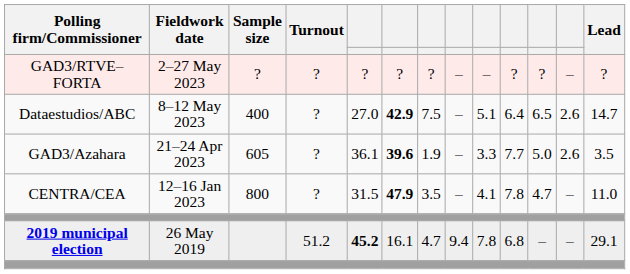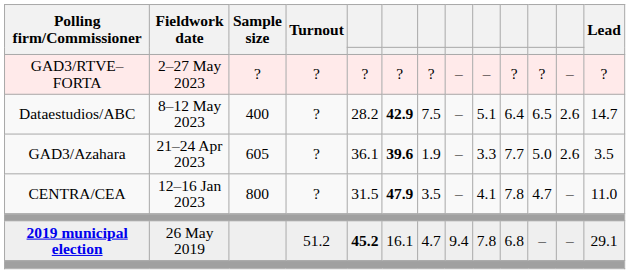 <table class="wikitable collapsible collapsed" style="text-align:center; font-size:95%; line-height:16px;">
 <tr style="height:42px;">
 <th style="width:250px;" rowspan="2">Polling firm/Commissioner</th>
 <th style="width:125px;" rowspan="2">Fieldwork date</th>
 <th style="width:50px;" rowspan="2">Sample size</th>
 <th style="width:45px;" rowspan="2">Turnout</th>
 <th style="width:35px;"></th>
 <th style="width:35px;"></th>
 <th style="width:35px;"></th>
 <th style="width:35px;"></th>
 <th style="width:35px;"></th>
 <th style="width:35px;"></th>
 <th style="width:35px;"></th>
 <th style="width:35px;"></th>
 <th style="width:30px;" rowspan="2">Lead</th>
 </tr>
 <tr>
 <th style="color:inherit;background:"></th>
 <th style="color:inherit;background:"></th>
 <th style="color:inherit;background:"></th>
 <th style="color:inherit;background:"></th>
 <th style="color:inherit;background:"></th>
 <th style="color:inherit;background:"></th>
 <th style="color:inherit;background:"></th>
 <th style="color:inherit;background:"></th>
 </tr>
 <tr style="background:#FFEAEA;">
 <td>GAD3/RTVE–FORTA</td>
 <td>2–27 May 2023</td>
 <td>?</td>
 <td>?</td>
 <td>?<br></td>
 <td>?<br></td>
 <td>?<br></td>
 <td>–</td>
 <td>–</td>
 <td>?<br></td>
 <td>?<br></td>
 <td>–</td>
 <td style="background:">?</td>
 </tr>
 <tr>
 <td>Dataestudios/ABC</td>
 <td>8–12 May 2023</td>
 <td>400</td>
 <td>?</td>
-<td>27.0<br></td>
+<td>28.2<br></td>
 <td><strong>42.9</strong><br></td>
 <td>7.5<br></td>
 <td>–</td>
 <td>5.1<br></td>
 <td>6.4<br></td>
 <td>6.5<br></td>
 <td>2.6<br></td>
 <td style="background:">14.7</td>
 </tr>
 <tr>
 <td>GAD3/Azahara</td>
 <td>21–24 Apr 2023</td>
 <td>605</td>
 <td>?</td>
 <td>36.1<br></td>
 <td><strong>39.6</strong><br></td>
 <td>1.9<br></td>
 <td>–</td>
 <td>3.3<br></td>
 <td>7.7<br></td>
 <td>5.0<br></td>
 <td>2.6<br></td>
 <td style="background:">3.5</td>
 </tr>
 <tr>
 <td>CENTRA/CEA</td>
 <td>12–16 Jan 2023</td>
 <td>800</td>
 <td>?</td>
 <td>31.5<br></td>
 <td><strong>47.9</strong><br></td>
 <td>3.5<br></td>
 <td>–</td>
 <td>4.1<br></td>
 <td>7.8<br></td>
 <td>4.7<br></td>
 <td>–</td>
 <td style="background:">11.0</td>
 </tr>
 <tr>
 <td colspan="13" style="background:#A0A0A0"></td>
 </tr>
 <tr style="background:#EFEFEF;">
 <td><strong><a href='#'>2019 municipal election</a></strong></td>
 <td>26 May 2019</td>
 <td></td>
 <td>51.2</td>
 <td><strong>45.2</strong><br></td>
 <td>16.1<br></td>
 <td>4.7<br></td>
 <td>9.4<br></td>
 <td>7.8<br></td>
 <td>6.8<br></td>
 <td>–</td>
 <td>–</td>
 <td style="background:">29.1</td>
 </tr>
 <tr>
 <td colspan="13" style="background:#A0A0A0"></td>
 </tr>
 </table>
